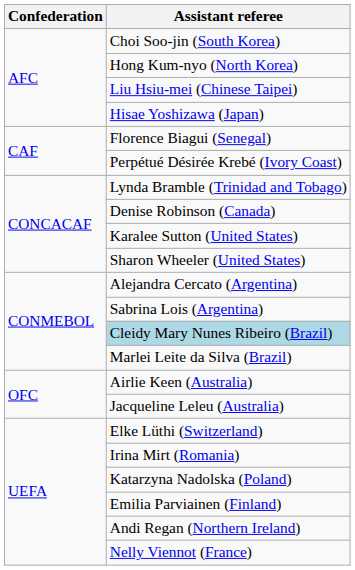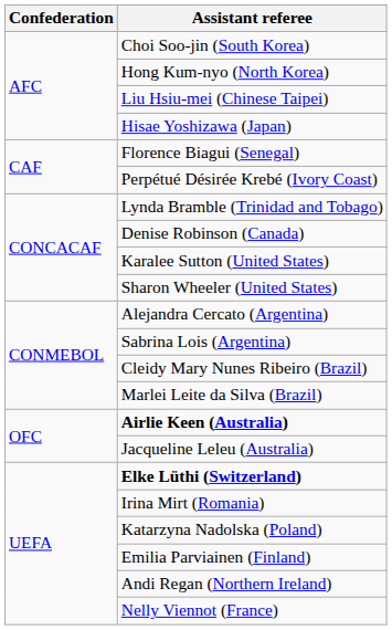 <table class="wikitable">
 <tr>
 <th>Confederation</th>
 <th>Assistant referee</th>
 </tr>
 <tr>
 <td rowspan="4"><a href='#'>AFC</a></td>
 <td>Choi Soo-jin (<a href='#'>South Korea</a>)</td>
 </tr>
 <tr>
 <td>Hong Kum-nyo (<a href='#'>North Korea</a>)</td>
 </tr>
 <tr>
 <td><a href='#'>Liu Hsiu-mei</a> (<a href='#'>Chinese Taipei</a>)</td>
 </tr>
 <tr>
 <td><a href='#'>Hisae Yoshizawa</a> (<a href='#'>Japan</a>)</td>
 </tr>
 <tr>
 <td rowspan="2"><a href='#'>CAF</a></td>
 <td>Florence Biagui (<a href='#'>Senegal</a>)</td>
 </tr>
 <tr>
 <td>Perpétué Désirée Krebé (<a href='#'>Ivory Coast</a>)</td>
 </tr>
 <tr>
 <td rowspan="4"><a href='#'>CONCACAF</a></td>
 <td>Lynda Bramble (<a href='#'>Trinidad and Tobago</a>)</td>
 </tr>
 <tr>
 <td>Denise Robinson (<a href='#'>Canada</a>)</td>
 </tr>
 <tr>
 <td>Karalee Sutton (<a href='#'>United States</a>)</td>
 </tr>
 <tr>
 <td>Sharon Wheeler (<a href='#'>United States</a>)</td>
 </tr>
 <tr>
 <td rowspan="4"><a href='#'>CONMEBOL</a></td>
 <td>Alejandra Cercato (<a href='#'>Argentina</a>)</td>
 </tr>
 <tr>
 <td>Sabrina Lois (<a href='#'>Argentina</a>)</td>
 </tr>
 <tr>
-<td style="background: lightblue;">Cleidy Mary Nunes Ribeiro (<a href='#'>Brazil</a>)</td>
+<td>Cleidy Mary Nunes Ribeiro (<a href='#'>Brazil</a>)</td>
 </tr>
 <tr>
 <td>Marlei Leite da Silva (<a href='#'>Brazil</a>)</td>
 </tr>
 <tr>
 <td rowspan="2"><a href='#'>OFC</a></td>
-<td>Airlie Keen (<a href='#'>Australia</a>)</td>
+<td><strong>Airlie Keen (<a href='#'>Australia</a>)</strong></td>
 </tr>
 <tr>
 <td>Jacqueline Leleu (<a href='#'>Australia</a>)</td>
 </tr>
 <tr>
 <td rowspan="6"><a href='#'>UEFA</a></td>
-<td>Elke Lüthi (<a href='#'>Switzerland</a>)</td>
+<td><strong>Elke Lüthi (<a href='#'>Switzerland</a>)</strong></td>
 </tr>
 <tr>
 <td>Irina Mirt (<a href='#'>Romania</a>)</td>
 </tr>
 <tr>
 <td>Katarzyna Nadolska (<a href='#'>Poland</a>)</td>
 </tr>
 <tr>
 <td>Emilia Parviainen (<a href='#'>Finland</a>)</td>
 </tr>
 <tr>
 <td>Andi Regan (<a href='#'>Northern Ireland</a>)</td>
 </tr>
 <tr>
 <td><a href='#'>Nelly Viennot</a> (<a href='#'>France</a>)</td>
 </tr>
 </table>
